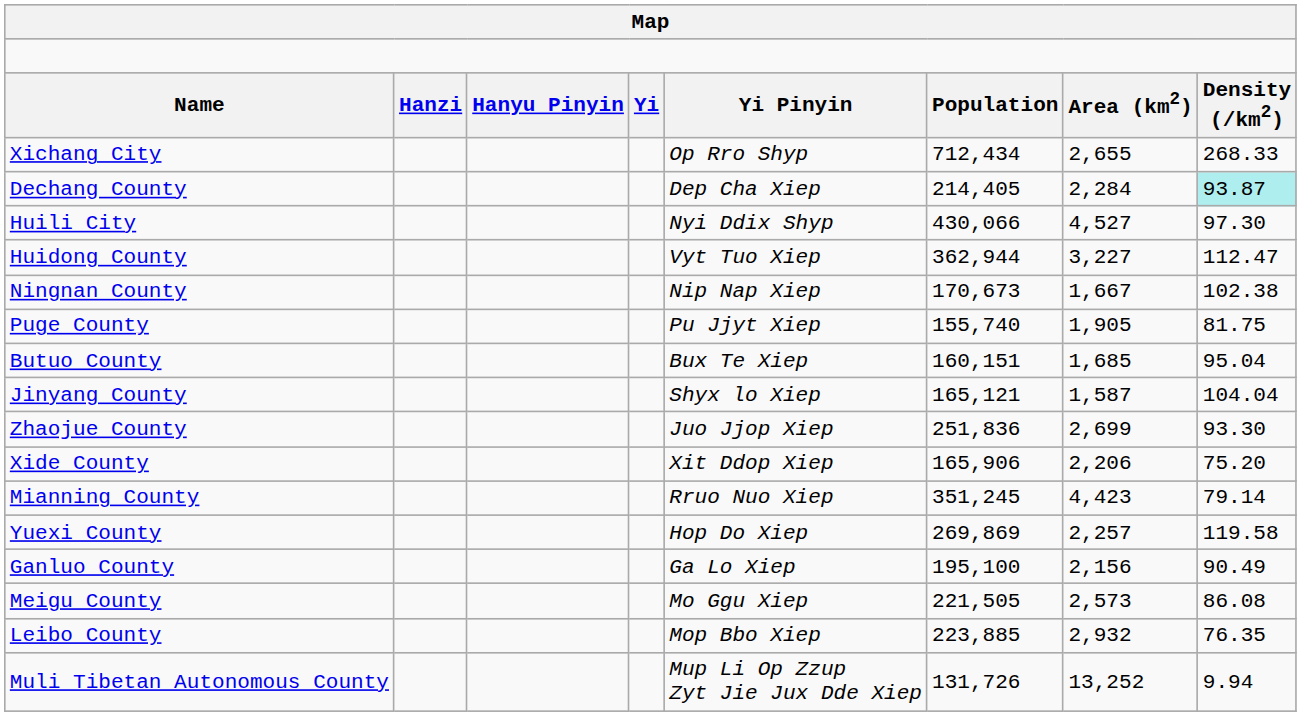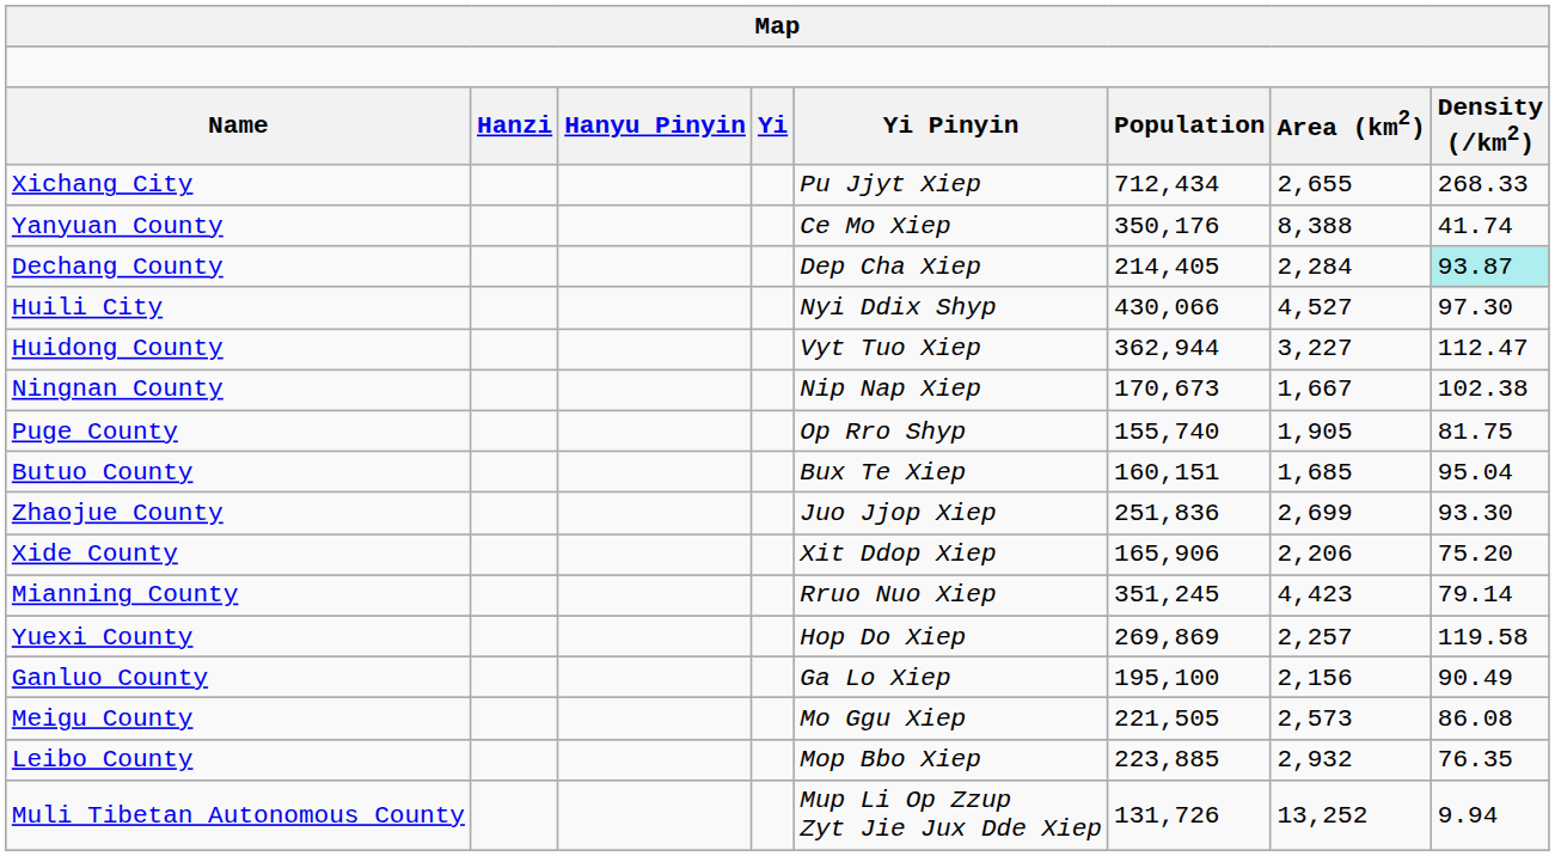 <table class="wikitable"  style="font-size:100%;">
 <tr>
 <th colspan="8" align="center">Map</th>
 </tr>
 <tr>
 <td colspan="8"><div><br>                    </div></td>
 </tr>
 <tr>
 <th>Name</th>
 <th><a href='#'>Hanzi</a></th>
 <th><a href='#'>Hanyu Pinyin</a></th>
 <th><a href='#'>Yi</a></th>
 <th>Yi Pinyin</th>
 <th>Population<br></th>
 <th>Area (km<sup>2</sup>)</th>
 <th>Density<br>(/km<sup>2</sup>)</th>
 </tr>
 <tr --------->
 <td><a href='#'>Xichang City</a></td>
 <td></td>
 <td></td>
 <td></td>
-<td><em>Op Rro Shyp</em></td>
+<td><em>Pu Jjyt Xiep</em></td>
 <td>712,434</td>
 <td>2,655</td>
 <td>268.33</td>
+</tr>
+<tr --------->
+<td><a href='#'>Yanyuan County</a></td>
+<td></td>
+<td></td>
+<td></td>
+<td><em>Ce Mo Xiep</em></td>
+<td>350,176</td>
+<td>8,388</td>
+<td>41.74</td>
 </tr>
 <tr --------->
 <td><a href='#'>Dechang County</a></td>
 <td></td>
 <td></td>
 <td></td>
 <td><em>Dep Cha Xiep</em></td>
 <td>214,405</td>
 <td>2,284</td>
 <td style="background: paleturquoise;">93.87</td>
 </tr>
 <tr --------->
 <td><a href='#'>Huili City</a></td>
 <td></td>
 <td></td>
 <td></td>
 <td><em>Nyi Ddix Shyp</em></td>
 <td>430,066</td>
 <td>4,527</td>
 <td>97.30</td>
 </tr>
 <tr --------->
 <td><a href='#'>Huidong County</a></td>
 <td></td>
 <td></td>
 <td></td>
 <td><em>Vyt Tuo Xiep</em></td>
 <td>362,944</td>
 <td>3,227</td>
 <td>112.47</td>
 </tr>
 <tr --------->
 <td><a href='#'>Ningnan County</a></td>
 <td></td>
 <td></td>
 <td></td>
 <td><em>Nip Nap Xiep</em></td>
 <td>170,673</td>
 <td>1,667</td>
 <td>102.38</td>
 </tr>
 <tr --------->
 <td><a href='#'>Puge County</a></td>
 <td></td>
 <td></td>
 <td></td>
-<td><em>Pu Jjyt Xiep</em></td>
+<td><em>Op Rro Shyp</em></td>
 <td>155,740</td>
 <td>1,905</td>
 <td>81.75</td>
 </tr>
 <tr --------->
 <td><a href='#'>Butuo County</a></td>
 <td></td>
 <td></td>
 <td></td>
 <td><em>Bux Te Xiep</em></td>
 <td>160,151</td>
 <td>1,685</td>
 <td>95.04</td>
-</tr>
-<tr --------->
-<td><a href='#'>Jinyang County</a></td>
-<td></td>
-<td></td>
-<td></td>
-<td><em>Shyx lo Xiep</em></td>
-<td>165,121</td>
-<td>1,587</td>
-<td>104.04</td>
 </tr>
 <tr --------->
 <td><a href='#'>Zhaojue County</a></td>
 <td></td>
 <td></td>
 <td></td>
 <td><em>Juo Jjop Xiep</em></td>
 <td>251,836</td>
 <td>2,699</td>
 <td>93.30</td>
 </tr>
 <tr --------->
 <td><a href='#'>Xide County</a></td>
 <td></td>
 <td></td>
 <td></td>
 <td><em>Xit Ddop Xiep</em></td>
 <td>165,906</td>
 <td>2,206</td>
 <td>75.20</td>
 </tr>
 <tr --------->
 <td><a href='#'>Mianning County</a></td>
 <td></td>
 <td></td>
 <td></td>
 <td><em>Rruo Nuo Xiep</em></td>
 <td>351,245</td>
 <td>4,423</td>
 <td>79.14</td>
 </tr>
 <tr --------->
 <td><a href='#'>Yuexi County</a></td>
 <td></td>
 <td></td>
 <td></td>
 <td><em>Hop Do Xiep</em></td>
 <td>269,869</td>
 <td>2,257</td>
 <td>119.58</td>
 </tr>
 <tr --------->
 <td><a href='#'>Ganluo County</a></td>
 <td></td>
 <td></td>
 <td></td>
 <td><em>Ga Lo Xiep</em></td>
 <td>195,100</td>
 <td>2,156</td>
 <td>90.49</td>
 </tr>
 <tr --------->
 <td><a href='#'>Meigu County</a></td>
 <td></td>
 <td></td>
 <td></td>
 <td><em>Mo Ggu Xiep</em></td>
 <td>221,505</td>
 <td>2,573</td>
 <td>86.08</td>
 </tr>
 <tr --------->
 <td><a href='#'>Leibo County</a></td>
 <td></td>
 <td></td>
 <td></td>
 <td><em>Mop Bbo Xiep</em></td>
 <td>223,885</td>
 <td>2,932</td>
 <td>76.35</td>
 </tr>
 <tr --------->
 <td><a href='#'>Muli Tibetan Autonomous County</a></td>
 <td></td>
 <td></td>
 <td></td>
 <td><em>Mup Li Op Zzup</em><br><em>Zyt Jie Jux Dde Xiep</em></td>
 <td>131,726</td>
 <td>13,252</td>
 <td>9.94</td>
 </tr>
 </table>
